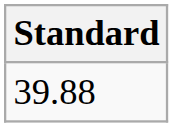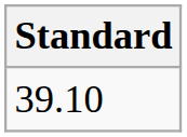 <table class="wikitable" border="1" align="upright">
 <tr>
 <th>Standard</th>
 </tr>
 <tr>
-<td>39.88</td>
+<td>39.10</td>
 </tr>
 </table>
